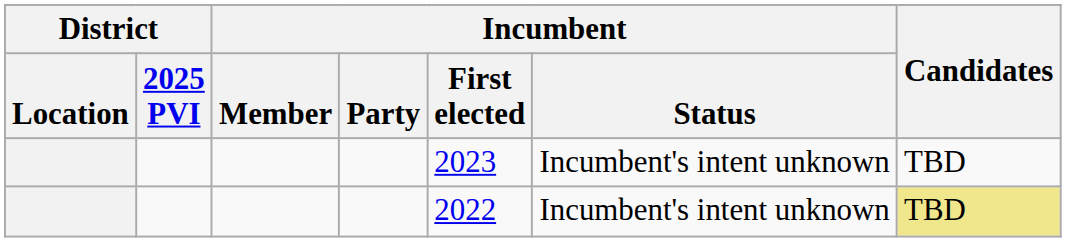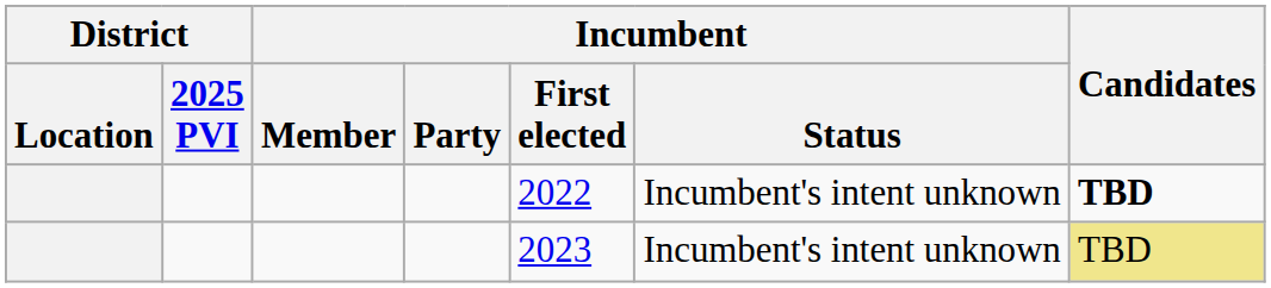 <table class="wikitable sortable">
 <tr>
 <th colspan=2>District</th>
 <th colspan=4>Incumbent</th>
 <th rowspan=2 class="unsortable">Candidates</th>
 </tr>
 <tr valign=bottom>
 <th>Location</th>
 <th><a href='#'>2025<br>PVI</a></th>
 <th>Member</th>
 <th>Party</th>
 <th>First<br>elected</th>
 <th>Status</th>
 </tr>
 <tr>
 <th></th>
 <td></td>
 <td></td>
 <td></td>
-<td><a href='#'>2023 </a></td>
+<td><a href='#'>2022 </a></td>
 <td>Incumbent's intent unknown</td>
-<td>TBD</td>
+<td><strong>TBD</strong></td>
 </tr>
 <tr>
 <th></th>
 <td></td>
 <td></td>
 <td></td>
-<td><a href='#'>2022</a></td>
+<td><a href='#'>2023</a></td>
 <td>Incumbent's intent unknown</td>
 <td style="background: khaki;">TBD</td>
 </tr>
 </table>
